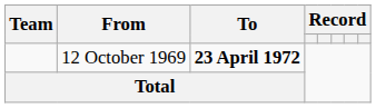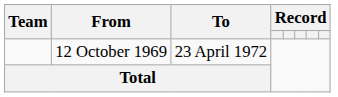 <table class=wikitable style="text-align: center">
 <tr>
 <th rowspan=2>Team</th>
 <th rowspan=2>From</th>
 <th rowspan=2>To</th>
 <th colspan=5>Record</th>
 </tr>
 <tr>
 <th></th>
 <th></th>
 <th></th>
 <th></th>
 <th></th>
 </tr>
 <tr>
 <td align=left></td>
 <td align=left>12 October 1969</td>
-<td align=left><strong>23 April 1972<br></strong></td>
+<td align=left>23 April 1972<br></td>
 </tr>
 <tr>
 <th colspan=3>Total<br></th>
 </tr>
 </table>
